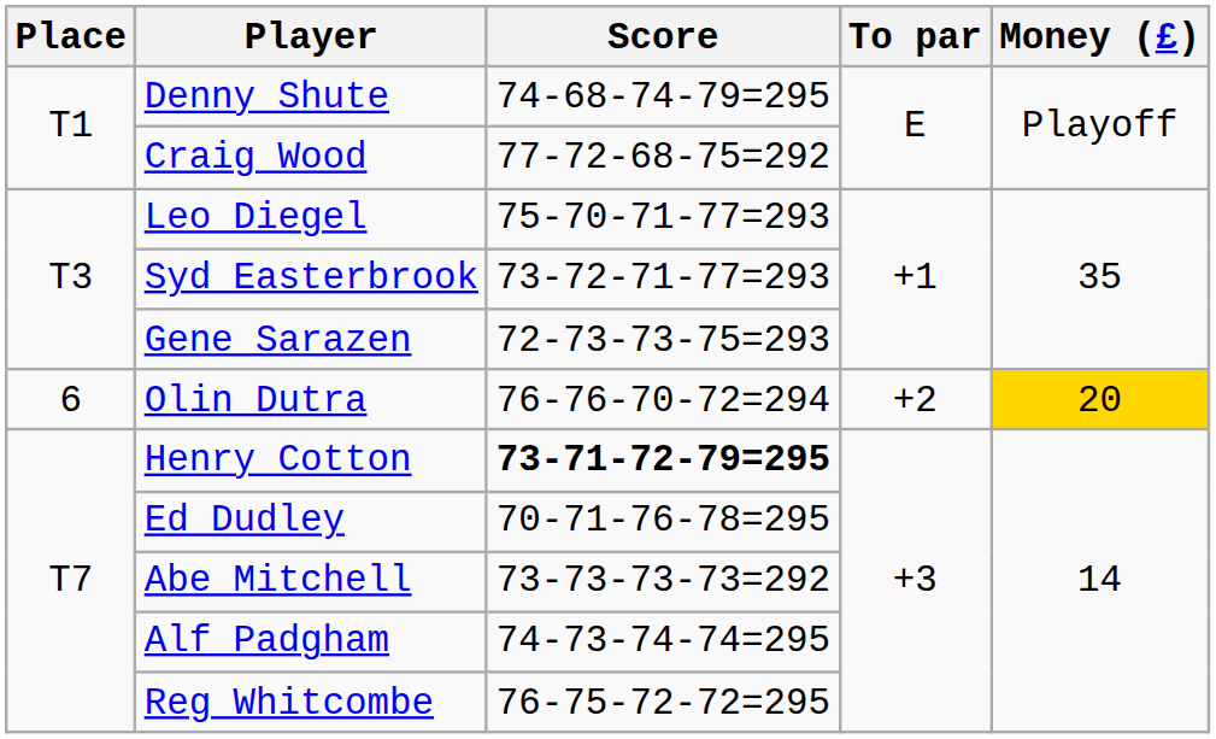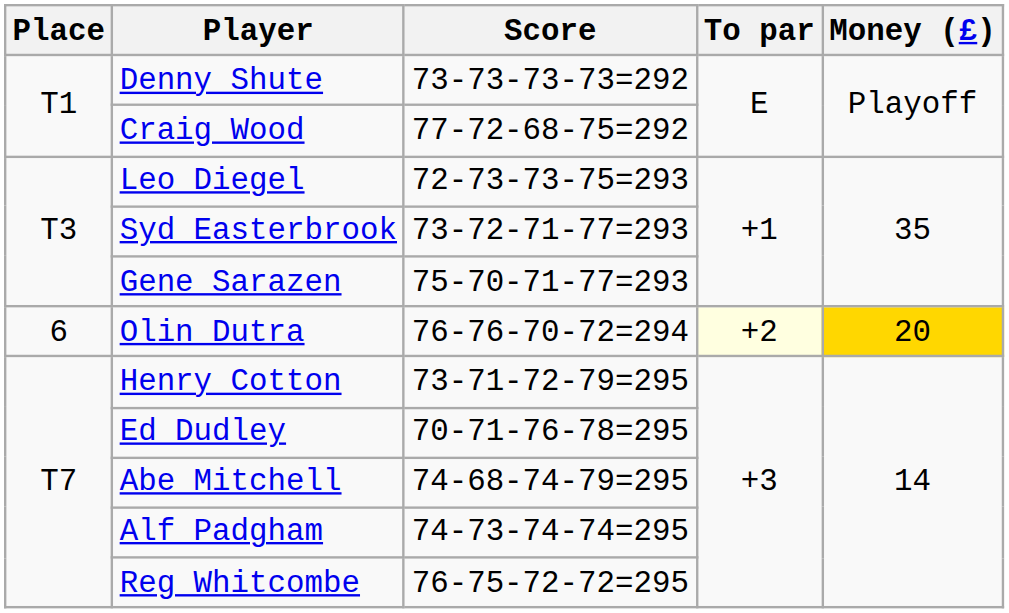 <table class=wikitable>
 <tr>
 <th>Place</th>
 <th>Player</th>
 <th>Score</th>
 <th>To par</th>
 <th>Money (<a href='#'>£</a>)</th>
 </tr>
 <tr>
 <td align=center rowspan=2>T1</td>
 <td> <a href='#'>Denny Shute</a></td>
-<td>74-68-74-79=295</td>
+<td>73-73-73-73=292</td>
 <td rowspan=2 align=center>E</td>
 <td rowspan=2 align=center>Playoff</td>
 </tr>
 <tr>
 <td> <a href='#'>Craig Wood</a></td>
 <td>77-72-68-75=292</td>
 </tr>
 <tr>
 <td rowspan=3 align=center>T3</td>
 <td> <a href='#'>Leo Diegel</a></td>
-<td>75-70-71-77=293</td>
+<td>72-73-73-75=293</td>
 <td rowspan=3 align=center>+1</td>
 <td rowspan=3 align=center>35</td>
 </tr>
 <tr>
 <td> <a href='#'>Syd Easterbrook</a></td>
 <td>73-72-71-77=293</td>
 </tr>
 <tr>
 <td> <a href='#'>Gene Sarazen</a></td>
-<td>72-73-73-75=293</td>
+<td>75-70-71-77=293</td>
 </tr>
 <tr>
 <td align=center>6</td>
 <td> <a href='#'>Olin Dutra</a></td>
 <td>76-76-70-72=294</td>
-<td align=center>+2</td>
+<td align=center style="background: lightyellow;">+2</td>
 <td align=center style="background: gold;">20</td>
 </tr>
 <tr>
 <td rowspan=5 align=center>T7</td>
 <td> <a href='#'>Henry Cotton</a></td>
-<td><strong>73-71-72-79=295</strong></td>
+<td>73-71-72-79=295</td>
 <td rowspan=5 align=center>+3</td>
 <td rowspan=5 align=center>14</td>
 </tr>
 <tr>
 <td> <a href='#'>Ed Dudley</a></td>
 <td>70-71-76-78=295</td>
 </tr>
 <tr>
 <td> <a href='#'>Abe Mitchell</a></td>
-<td>73-73-73-73=292</td>
+<td>74-68-74-79=295</td>
 </tr>
 <tr>
 <td> <a href='#'>Alf Padgham</a></td>
 <td>74-73-74-74=295</td>
 </tr>
 <tr>
 <td> <a href='#'>Reg Whitcombe</a></td>
 <td>76-75-72-72=295</td>
 </tr>
 </table>
